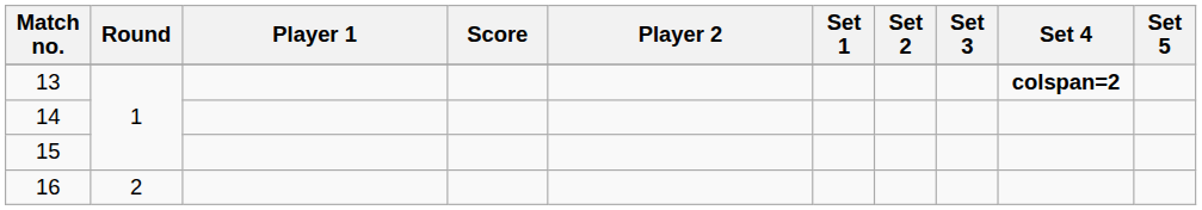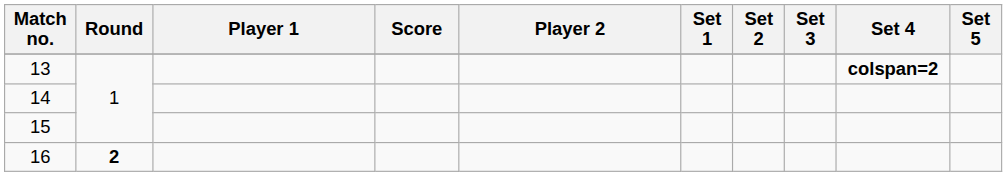 <table class="wikitable" style="text-align: center;">
 <tr>
 <th width="2%">Match no.</th>
 <th width="2%">Round</th>
 <th width="15%">Player 1</th>
 <th width="5%">Score</th>
 <th width="15%">Player 2</th>
 <th width="3%">Set 1</th>
 <th width="3%">Set 2</th>
 <th width="3%">Set 3</th>
 <th width="3%">Set 4</th>
 <th width="3%">Set 5</th>
 </tr>
 <tr>
 </tr>
 <tr style=text-align:center;>
 <td>13</td>
 <td rowspan=3>1</td>
 <td></td>
 <td></td>
 <td></td>
 <td></td>
 <td></td>
 <td></td>
 <td><strong>colspan=2</strong></td>
 </tr>
 <tr style=text-align:center;>
 <td>14</td>
 <td></td>
 <td></td>
 <td></td>
 <td></td>
 <td></td>
 <td></td>
 <td></td>
 <td></td>
 </tr>
 <tr style=text-align:center;>
 <td>15</td>
 <td></td>
 <td></td>
 <td></td>
 <td></td>
 <td></td>
 <td></td>
 <td></td>
 <td></td>
 </tr>
 <tr style=text-align:center;>
 <td>16</td>
-<td>2</td>
+<td><strong>2</strong></td>
 <td></td>
 <td></td>
 <td></td>
 <td></td>
 <td></td>
 <td></td>
 <td></td>
 <td></td>
 </tr>
 </table>
